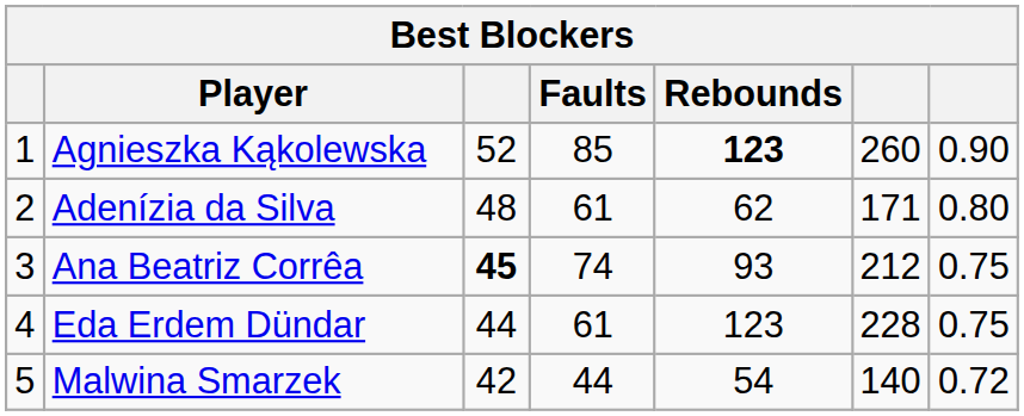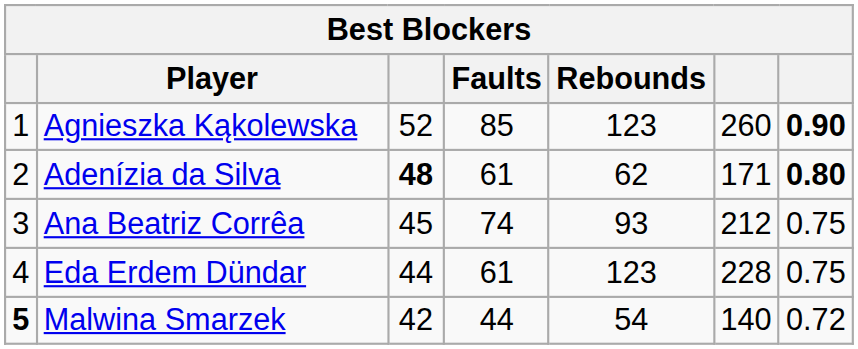 <table class="wikitable sortable" style=font-size:90%>
 <tr>
 <th colspan=7>Best Blockers</th>
 </tr>
 <tr>
 <th></th>
 <th width=158>Player</th>
 <th width=20></th>
 <th width=20>Faults</th>
 <th width=20>Rebounds</th>
 <th width=20></th>
 <th width=20></th>
 </tr>
 <tr>
 <td>1</td>
 <td> <a href='#'>Agnieszka Kąkolewska</a></td>
 <td align=center>52</td>
 <td align=center>85</td>
-<td align=center><strong>123</strong></td>
+<td align=center>123</td>
 <td align=center>260</td>
-<td align=center>0.90</td>
+<td align=center><strong>0.90</strong></td>
 </tr>
 <tr>
 <td>2</td>
 <td> <a href='#'>Adenízia da Silva</a></td>
-<td align=center>48</td>
+<td align=center><strong>48</strong></td>
 <td align=center>61</td>
 <td align=center>62</td>
 <td align=center>171</td>
-<td align=center>0.80</td>
+<td align=center><strong>0.80</strong></td>
 </tr>
 <tr>
 <td>3</td>
 <td> <a href='#'>Ana Beatriz Corrêa</a></td>
-<td align=center><strong>45</strong></td>
+<td align=center>45</td>
 <td align=center>74</td>
 <td align=center>93</td>
 <td align=center>212</td>
 <td align=center>0.75</td>
 </tr>
 <tr>
 <td>4</td>
 <td> <a href='#'>Eda Erdem Dündar</a></td>
 <td align=center>44</td>
 <td align=center>61</td>
 <td align=center>123</td>
 <td align=center>228</td>
 <td align=center>0.75</td>
 </tr>
 <tr>
-<td>5</td>
+<td><strong>5</strong></td>
 <td> <a href='#'>Malwina Smarzek</a></td>
 <td align=center>42</td>
 <td align=center>44</td>
 <td align=center>54</td>
 <td align=center>140</td>
 <td align=center>0.72</td>
 </tr>
 </table>
